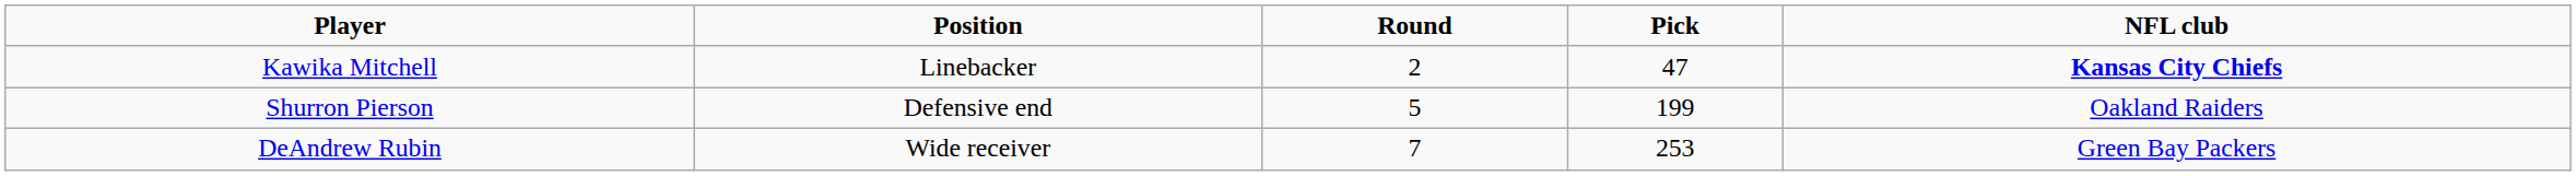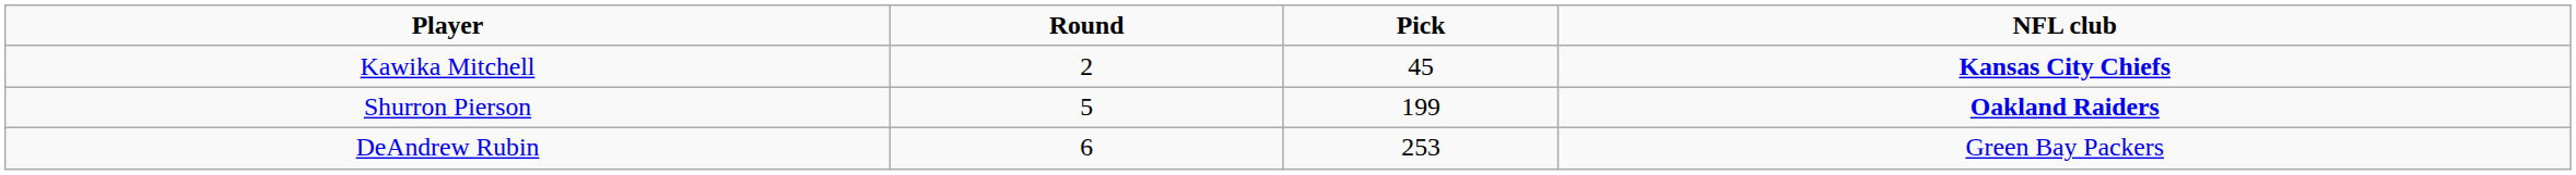 <table class="wikitable" width="80%">
 <tr align="center">
 <td><strong>Player</strong></td>
-<td><strong>Position</strong></td>
 <td><strong>Round</strong></td>
 <td><strong>Pick</strong></td>
 <td><strong>NFL club</strong></td>
 </tr>
 <tr align="center" bgcolor="">
 <td><a href='#'>Kawika Mitchell</a></td>
-<td>Linebacker</td>
 <td>2</td>
-<td>47</td>
+<td>45</td>
 <td><strong><a href='#'>Kansas City Chiefs</a></strong></td>
 </tr>
 <tr align="center" bgcolor="">
 <td><a href='#'>Shurron Pierson</a></td>
-<td>Defensive end</td>
 <td>5</td>
 <td>199</td>
-<td><a href='#'>Oakland Raiders</a></td>
+<td><strong><a href='#'>Oakland Raiders</a></strong></td>
 </tr>
 <tr align="center" bgcolor="">
 <td><a href='#'>DeAndrew Rubin</a></td>
-<td>Wide receiver</td>
-<td>7</td>
+<td>6</td>
 <td>253</td>
 <td><a href='#'>Green Bay Packers</a></td>
 </tr>
 </table>
